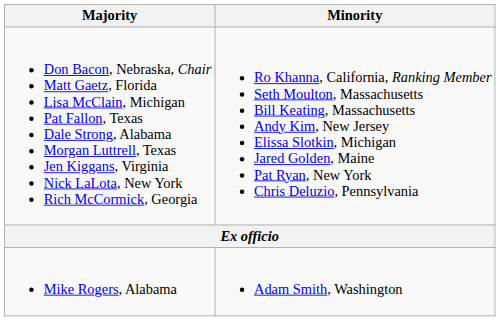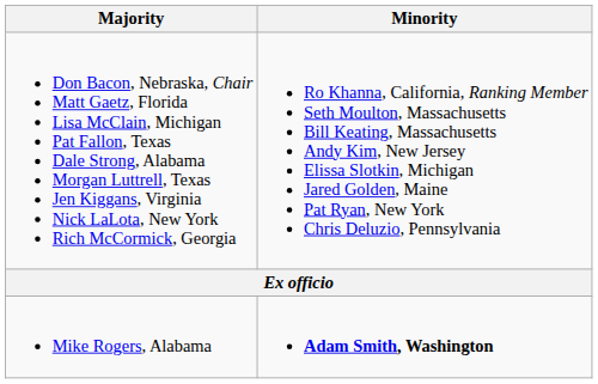 <table class=wikitable>
 <tr>
 <th>Majority</th>
 <th>Minority</th>
 </tr>
 <tr>
 <td><br><ul><li><a href='#'>Don Bacon</a>, Nebraska, <em>Chair</em></li><li><a href='#'>Matt Gaetz</a>, Florida</li><li><a href='#'>Lisa McClain</a>, Michigan</li><li><a href='#'>Pat Fallon</a>, Texas</li><li><a href='#'>Dale Strong</a>, Alabama</li><li><a href='#'>Morgan Luttrell</a>, Texas</li><li><a href='#'>Jen Kiggans</a>, Virginia</li><li><a href='#'>Nick LaLota</a>, New York</li><li><a href='#'>Rich McCormick</a>, Georgia</li></ul></td>
 <td><br><ul><li><a href='#'>Ro Khanna</a>, California, <em>Ranking Member</em></li><li><a href='#'>Seth Moulton</a>, Massachusetts</li><li><a href='#'>Bill Keating</a>, Massachusetts</li><li><a href='#'>Andy Kim</a>, New Jersey</li><li><a href='#'>Elissa Slotkin</a>, Michigan</li><li><a href='#'>Jared Golden</a>, Maine</li><li><a href='#'>Pat Ryan</a>, New York</li><li><a href='#'>Chris Deluzio</a>, Pennsylvania</li></ul></td>
 </tr>
 <tr>
 <th colspan=2><em>Ex officio</em></th>
 </tr>
 <tr>
 <td><br><ul><li><a href='#'>Mike Rogers</a>, Alabama</li></ul></td>
-<td><br><ul><li><a href='#'>Adam Smith</a>, Washington</li></ul></td>
+<td><strong><br><ul><li><a href='#'>Adam Smith</a>, Washington</li></ul></strong></td>
 </tr>
 </table>
